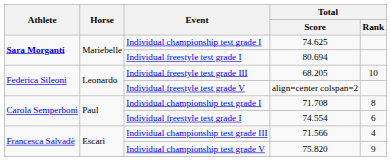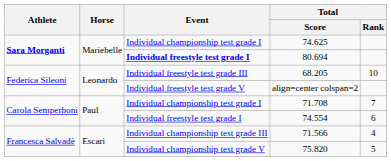 <table class=wikitable style="font-size:90%">
 <tr>
 <th rowspan="2">Athlete</th>
 <th rowspan="2">Horse</th>
 <th rowspan="2">Event</th>
 <th colspan="2">Total</th>
 </tr>
 <tr>
 <th>Score</th>
 <th>Rank</th>
 </tr>
 <tr>
 <td rowspan="2"><strong><a href='#'>Sara Morganti</a></strong></td>
 <td rowspan="2">Mariebelle</td>
 <td><a href='#'>Individual championship test grade I</a></td>
 <td align=center>74.625</td>
 <td align=center></td>
 </tr>
 <tr>
-<td><a href='#'>Individual freestyle test grade I</a></td>
+<td><strong><a href='#'>Individual freestyle test grade I</a></strong></td>
 <td align=center>80.694</td>
 <td align=center></td>
 </tr>
 <tr>
 <td rowspan="2"><a href='#'>Federica Sileoni</a></td>
 <td rowspan="2">Leonardo</td>
 <td><a href='#'>Individual freestyle test grade III</a></td>
 <td align=center>68.205</td>
 <td align=center>10</td>
 </tr>
 <tr>
 <td><a href='#'>Individual freestyle test grade V</a></td>
 <td>align=center colspan=2</td>
 </tr>
 <tr>
 <td rowspan="2"><a href='#'>Carola Semperboni</a></td>
 <td rowspan="2">Paul</td>
 <td><a href='#'>Individual championship test grade I</a></td>
 <td align=center>71.708</td>
-<td align=center>8</td>
+<td align=center>7</td>
 </tr>
 <tr>
 <td><a href='#'>Individual freestyle test grade I</a></td>
 <td align=center>74.554</td>
 <td align=center>6</td>
 </tr>
 <tr>
 <td rowspan="2"><a href='#'>Francesca Salvadè</a></td>
 <td rowspan="2">Escari</td>
 <td><a href='#'>Individual championship test grade III</a></td>
 <td align=center>71.566</td>
 <td align=center>4</td>
 </tr>
 <tr>
 <td><a href='#'>Individual championship test grade V</a></td>
 <td align=center>75.820</td>
-<td align=center>9</td>
+<td align=center>5</td>
 </tr>
 </table>
